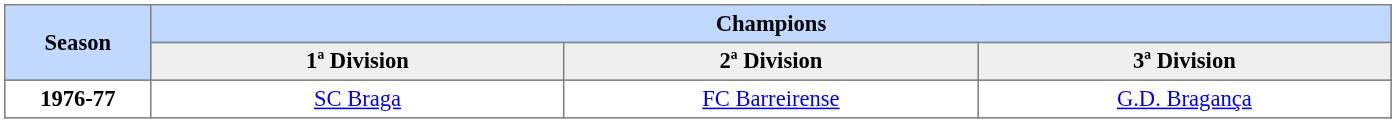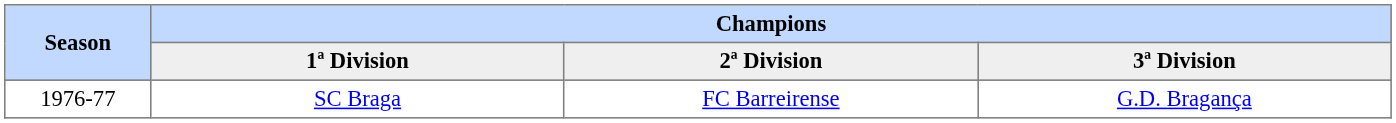 <table border=1 style="border-collapse:collapse; font-size:90%;" cellpadding=3 cellspacing=0 width=100%>
 <tr bgcolor=#C1D8FF>
 <th rowspan=2 width=5%>Season</th>
 <th colspan=3>Champions</th>
 </tr>
 <tr bgcolor=#EFEFEF>
 <th width=15%>1ª Division</th>
 <th width=15%>2ª Division</th>
 <th width=15%>3ª Division</th>
 </tr>
 <tr align=center>
-<td><strong>1976-77</strong></td>
+<td>1976-77</td>
 <td><a href='#'>SC Braga</a></td>
 <td><a href='#'>FC Barreirense</a></td>
 <td><a href='#'>G.D. Bragança</a></td>
 </tr>
 </table>
